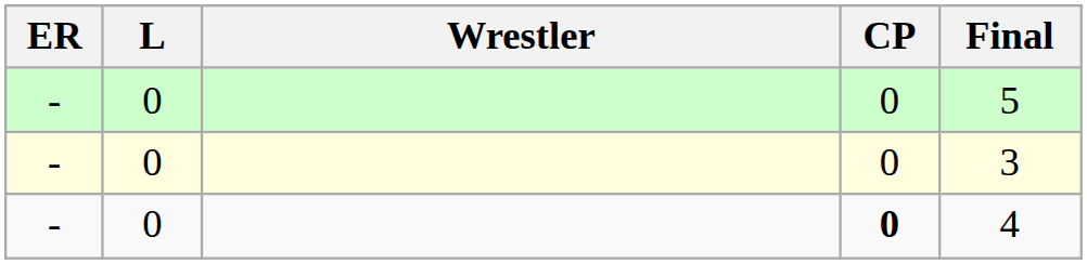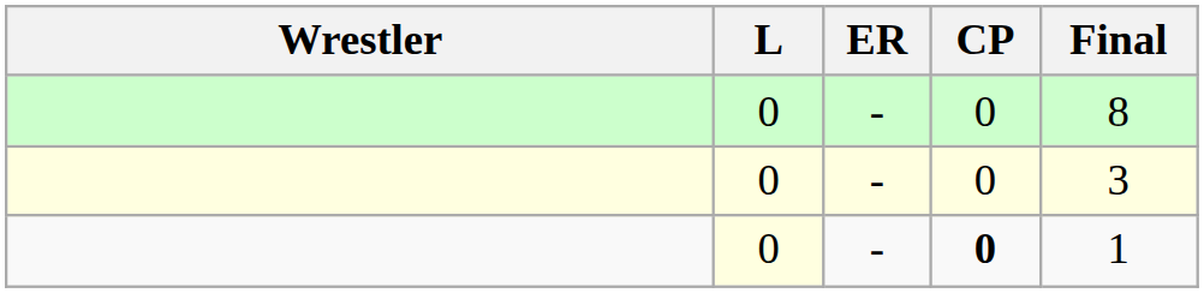 <table class="wikitable" style="text-align: center;" |>
 <tr>
+<th width="250">Wrestler</th>
+<th width="32">L</th>
 <th width="32">ER</th>
-<th width="32">L</th>
-<th width="250">Wrestler</th>
 <th width="32">CP</th>
 <th width="50">Final</th>
 </tr>
 <tr bgcolor="ccffcc">
+<td style="text-align:left;"></td>
+<td>0</td>
 <td>-</td>
 <td>0</td>
+<td>8</td>
+</tr>
+<tr bgcolor="lightyellow">
 <td style="text-align:left;"></td>
 <td>0</td>
-<td>5</td>
-</tr>
-<tr bgcolor="lightyellow">
 <td>-</td>
-<td>0</td>
-<td style="text-align:left;"></td>
 <td>0</td>
 <td>3</td>
 </tr>
 <tr>
+<td style="text-align:left;"></td>
+<td style="background: lightyellow;">0</td>
 <td>-</td>
-<td>0</td>
-<td style="text-align:left;"></td>
 <td><strong>0</strong></td>
-<td>4</td>
+<td>1</td>
 </tr>
 </table>
